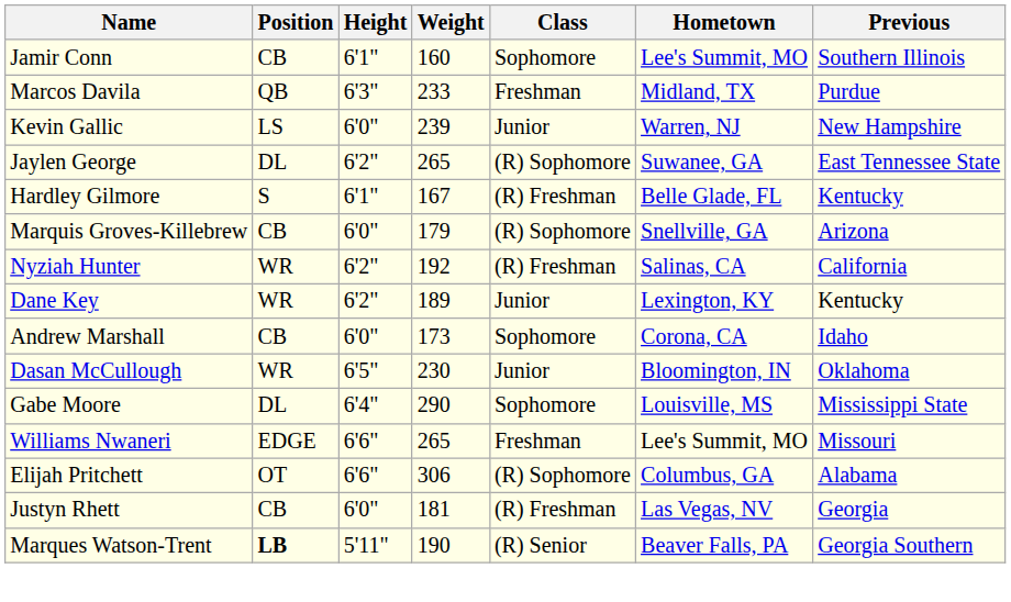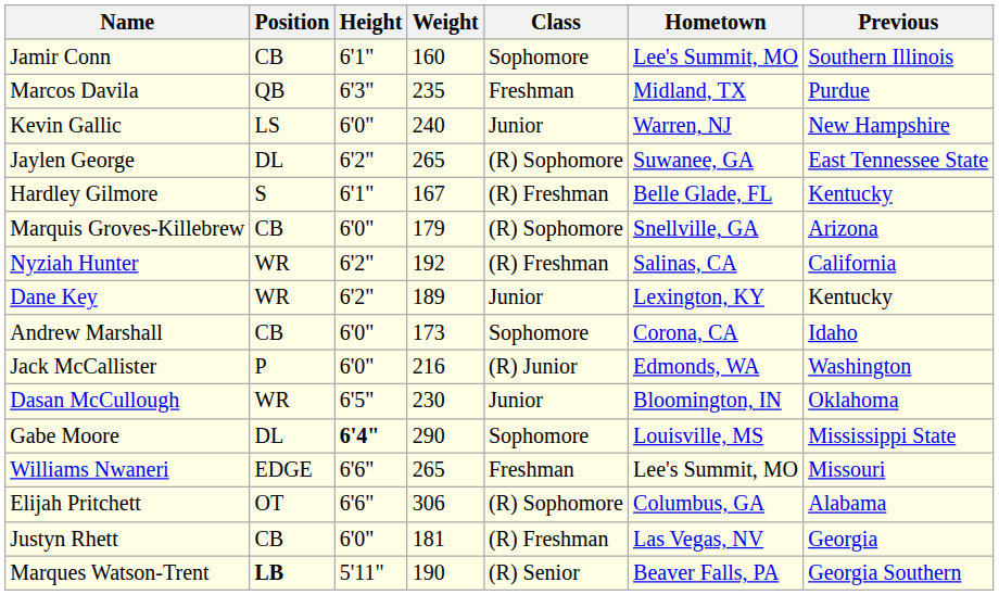 <table class="wikitable sortable">
 <tr>
 <th>Name</th>
 <th>Position</th>
 <th>Height</th>
 <th>Weight</th>
 <th>Class</th>
 <th>Hometown</th>
 <th>Previous</th>
 </tr>
 <tr style="background:#FFFFE6;">
 <td>Jamir Conn</td>
 <td>CB</td>
 <td>6'1"</td>
 <td>160</td>
 <td>Sophomore</td>
 <td><a href='#'>Lee's Summit, MO</a></td>
 <td><a href='#'>Southern Illinois</a></td>
 </tr>
 <tr style="background:#FFFFE6;">
 <td>Marcos Davila</td>
 <td>QB</td>
 <td>6'3"</td>
-<td>233</td>
+<td>235</td>
 <td>Freshman</td>
 <td><a href='#'>Midland, TX</a></td>
 <td><a href='#'>Purdue</a></td>
 </tr>
 <tr style="background:#FFFFE6;">
 <td>Kevin Gallic</td>
 <td>LS</td>
 <td>6'0"</td>
-<td>239</td>
+<td>240</td>
 <td>Junior</td>
 <td><a href='#'>Warren, NJ</a></td>
 <td><a href='#'>New Hampshire</a></td>
 </tr>
 <tr style="background:#FFFFE6;">
 <td>Jaylen George</td>
 <td>DL</td>
 <td>6'2"</td>
 <td>265</td>
 <td>(R) Sophomore</td>
 <td><a href='#'>Suwanee, GA</a></td>
 <td><a href='#'>East Tennessee State</a></td>
 </tr>
 <tr style="background:#FFFFE6;">
 <td>Hardley Gilmore</td>
 <td>S</td>
 <td>6'1"</td>
 <td>167</td>
 <td>(R) Freshman</td>
 <td><a href='#'>Belle Glade, FL</a></td>
 <td><a href='#'>Kentucky</a></td>
 </tr>
 <tr style="background:#FFFFE6;">
 <td>Marquis Groves-Killebrew</td>
 <td>CB</td>
 <td>6'0"</td>
 <td>179</td>
 <td>(R) Sophomore</td>
 <td><a href='#'>Snellville, GA</a></td>
 <td><a href='#'>Arizona</a></td>
 </tr>
 <tr style="background:#FFFFE6;">
 <td><a href='#'>Nyziah Hunter</a></td>
 <td>WR</td>
 <td>6'2"</td>
 <td>192</td>
 <td>(R) Freshman</td>
 <td><a href='#'>Salinas, CA</a></td>
 <td><a href='#'>California</a></td>
 </tr>
 <tr style="background:#FFFFE6;">
 <td><a href='#'>Dane Key</a></td>
 <td>WR</td>
 <td>6'2"</td>
 <td>189</td>
 <td>Junior</td>
 <td><a href='#'>Lexington, KY</a></td>
 <td>Kentucky</td>
 </tr>
 <tr style="background:#FFFFE6;">
 <td>Andrew Marshall</td>
 <td>CB</td>
 <td>6'0"</td>
 <td>173</td>
 <td>Sophomore</td>
 <td><a href='#'>Corona, CA</a></td>
 <td><a href='#'>Idaho</a></td>
 </tr>
 <tr style="background:#FFFFE6;">
+<td>Jack McCallister</td>
+<td>P</td>
+<td>6'0"</td>
+<td>216</td>
+<td>(R) Junior</td>
+<td><a href='#'>Edmonds, WA</a></td>
+<td><a href='#'>Washington</a></td>
+</tr>
+<tr style="background:#FFFFE6;">
 <td><a href='#'>Dasan McCullough</a></td>
 <td>WR</td>
 <td>6'5"</td>
 <td>230</td>
 <td>Junior</td>
 <td><a href='#'>Bloomington, IN</a></td>
 <td><a href='#'>Oklahoma</a></td>
 </tr>
 <tr style="background:#FFFFE6;">
 <td>Gabe Moore</td>
 <td>DL</td>
-<td>6'4"</td>
+<td><strong>6'4"</strong></td>
 <td>290</td>
 <td>Sophomore</td>
 <td><a href='#'>Louisville, MS</a></td>
 <td><a href='#'>Mississippi State</a></td>
 </tr>
 <tr style="background:#FFFFE6;">
 <td><a href='#'>Williams Nwaneri</a></td>
 <td>EDGE</td>
 <td>6'6"</td>
 <td>265</td>
 <td>Freshman</td>
 <td>Lee's Summit, MO</td>
 <td><a href='#'>Missouri</a></td>
 </tr>
 <tr style="background:#FFFFE6;">
 <td>Elijah Pritchett</td>
 <td>OT</td>
 <td>6'6"</td>
 <td>306</td>
 <td>(R) Sophomore</td>
 <td><a href='#'>Columbus, GA</a></td>
 <td><a href='#'>Alabama</a></td>
 </tr>
 <tr style="background:#FFFFE6;">
 <td>Justyn Rhett</td>
 <td>CB</td>
 <td>6'0"</td>
 <td>181</td>
 <td>(R) Freshman</td>
 <td><a href='#'>Las Vegas, NV</a></td>
 <td><a href='#'>Georgia</a></td>
 </tr>
 <tr style="background:#FFFFE6;">
 <td>Marques Watson-Trent</td>
 <td><strong>LB</strong></td>
 <td>5'11"</td>
 <td>190</td>
 <td>(R) Senior</td>
 <td><a href='#'>Beaver Falls, PA</a></td>
 <td><a href='#'>Georgia Southern</a></td>
 </tr>
 </table>
